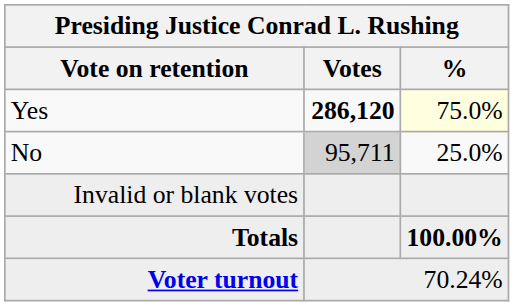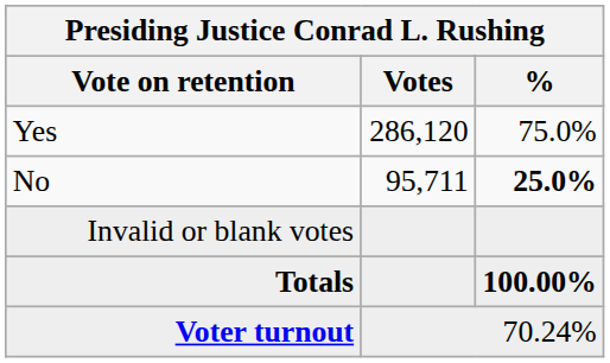 <table class="wikitable" style="font-size: 95%;">
 <tr style="background-color:#E9E9E9">
 <th colspan=7>Presiding Justice Conrad L. Rushing</th>
 </tr>
 <tr style="background-color:#E9E9E9">
 <th style="width: 170px">Vote on retention</th>
 <th style="width: 50px">Votes</th>
 <th style="width: 40px">%</th>
 </tr>
 <tr>
 <td>Yes</td>
-<td align="right"><strong>286,120</strong></td>
-<td align="right" style="background: lightyellow;">75.0%</td>
+<td align="right">286,120</td>
+<td align="right">75.0%</td>
 </tr>
 <tr>
 <td>No</td>
-<td align="right" style="background: lightgrey;">95,711</td>
-<td align="right">25.0%</td>
+<td align="right">95,711</td>
+<td align="right"><strong>25.0%</strong></td>
 </tr>
 <tr bgcolor="#EEEEEE">
 <td align="right">Invalid or blank votes</td>
 <td align="right"></td>
 <td align="right"></td>
 </tr>
 <tr bgcolor="#EEEEEE">
 <td align="right"><strong>Totals</strong></td>
 <td align="right"><strong></strong></td>
 <td align="right"><strong>100.00%</strong></td>
 </tr>
 <tr bgcolor="#EEEEEE">
 <td align="right"><strong><a href='#'>Voter turnout</a></strong></td>
 <td colspan="2" align="right">70.24%</td>
 </tr>
 </table>
